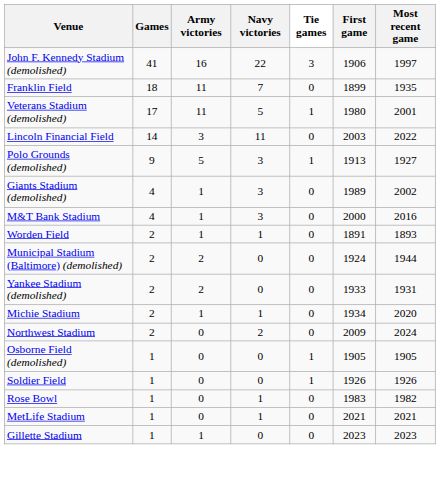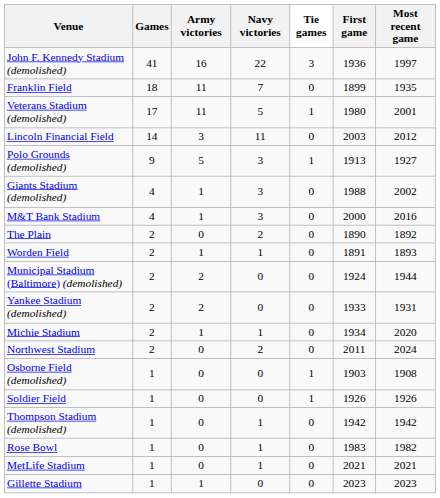 <table class="wikitable sortable">
 <tr>
 <th>Venue</th>
 <th>Games</th>
 <th>Army victories</th>
 <th>Navy victories</th>
 <th style="text-align:center; background:white; color:black;">Tie games</th>
 <th>First game</th>
 <th>Most recent game</th>
 </tr>
 <tr>
 <td><a href='#'>John F. Kennedy Stadium</a> <em>(demolished)</em></td>
 <td style="text-align:center;">41</td>
 <td style="text-align:center;">16</td>
 <td style="text-align:center;">22</td>
 <td style="text-align:center;">3</td>
-<td style="text-align:center;">1906</td>
+<td style="text-align:center;">1936</td>
 <td style="text-align:center;">1997</td>
 </tr>
 <tr>
 <td><a href='#'>Franklin Field</a></td>
 <td style="text-align:center;">18</td>
 <td style="text-align:center;">11</td>
 <td style="text-align:center;">7</td>
 <td style="text-align:center;">0</td>
 <td style="text-align:center;">1899</td>
 <td style="text-align:center;">1935</td>
 </tr>
 <tr>
 <td><a href='#'>Veterans Stadium</a> <em>(demolished)</em></td>
 <td style="text-align:center;">17</td>
 <td style="text-align:center;">11</td>
 <td style="text-align:center;">5</td>
 <td style="text-align:center;">1</td>
 <td style="text-align:center;">1980</td>
 <td style="text-align:center;">2001</td>
 </tr>
 <tr>
 <td><a href='#'>Lincoln Financial Field</a></td>
 <td style="text-align:center;">14</td>
 <td style="text-align:center;">3</td>
 <td style="text-align:center;">11</td>
 <td style="text-align:center;">0</td>
 <td style="text-align:center;">2003</td>
-<td style="text-align:center;">2022</td>
+<td style="text-align:center;">2012</td>
 </tr>
 <tr>
 <td><a href='#'>Polo Grounds</a> <em>(demolished)</em></td>
 <td style="text-align:center;">9</td>
 <td style="text-align:center;">5</td>
 <td style="text-align:center;">3</td>
 <td style="text-align:center;">1</td>
 <td style="text-align:center;">1913</td>
 <td style="text-align:center;">1927</td>
 </tr>
 <tr>
 <td><a href='#'>Giants Stadium</a> <em>(demolished)</em></td>
 <td style="text-align:center;">4</td>
 <td style="text-align:center;">1</td>
 <td style="text-align:center;">3</td>
 <td style="text-align:center;">0</td>
-<td style="text-align:center;">1989</td>
+<td style="text-align:center;">1988</td>
 <td style="text-align:center;">2002</td>
 </tr>
 <tr>
 <td><a href='#'>M&T Bank Stadium</a></td>
 <td style="text-align:center;">4</td>
 <td style="text-align:center;">1</td>
 <td style="text-align:center;">3</td>
 <td style="text-align:center;">0</td>
 <td style="text-align:center;">2000</td>
 <td style="text-align:center;">2016</td>
+</tr>
+<tr>
+<td><a href='#'>The Plain</a></td>
+<td style="text-align:center;">2</td>
+<td style="text-align:center;">0</td>
+<td style="text-align:center;">2</td>
+<td style="text-align:center;">0</td>
+<td style="text-align:center;">1890</td>
+<td style="text-align:center;">1892</td>
 </tr>
 <tr>
 <td><a href='#'>Worden Field</a></td>
 <td style="text-align:center;">2</td>
 <td style="text-align:center;">1</td>
 <td style="text-align:center;">1</td>
 <td style="text-align:center;">0</td>
 <td style="text-align:center;">1891</td>
 <td style="text-align:center;">1893</td>
 </tr>
 <tr>
 <td><a href='#'>Municipal Stadium (Baltimore)</a> <em>(demolished)</em></td>
 <td style="text-align:center;">2</td>
 <td style="text-align:center;">2</td>
 <td style="text-align:center;">0</td>
 <td style="text-align:center;">0</td>
 <td style="text-align:center;">1924</td>
 <td style="text-align:center;">1944</td>
 </tr>
 <tr>
 <td><a href='#'>Yankee Stadium</a> <em>(demolished)</em></td>
 <td style="text-align:center;">2</td>
 <td style="text-align:center;">2</td>
 <td style="text-align:center;">0</td>
 <td style="text-align:center;">0</td>
 <td style="text-align:center;">1933</td>
 <td style="text-align:center;">1931</td>
 </tr>
 <tr>
 <td><a href='#'>Michie Stadium</a></td>
 <td style="text-align:center;">2</td>
 <td style="text-align:center;">1</td>
 <td style="text-align:center;">1</td>
 <td style="text-align:center;">0</td>
 <td style="text-align:center;">1934</td>
 <td style="text-align:center;">2020</td>
 </tr>
 <tr>
 <td><a href='#'>Northwest Stadium</a></td>
 <td style="text-align:center;">2</td>
 <td style="text-align:center;">0</td>
 <td style="text-align:center;">2</td>
 <td style="text-align:center;">0</td>
-<td style="text-align:center;">2009</td>
+<td style="text-align:center;">2011</td>
 <td style="text-align:center;">2024</td>
 </tr>
 <tr>
 <td><a href='#'>Osborne Field</a> <em>(demolished)</em></td>
 <td style="text-align:center;">1</td>
 <td style="text-align:center;">0</td>
 <td style="text-align:center;">0</td>
 <td style="text-align:center;">1</td>
-<td style="text-align:center;">1905</td>
-<td style="text-align:center;">1905</td>
+<td style="text-align:center;">1903</td>
+<td style="text-align:center;">1908</td>
 </tr>
 <tr>
 <td><a href='#'>Soldier Field</a></td>
 <td style="text-align:center;">1</td>
 <td style="text-align:center;">0</td>
 <td style="text-align:center;">0</td>
 <td style="text-align:center;">1</td>
 <td style="text-align:center;">1926</td>
 <td style="text-align:center;">1926</td>
+</tr>
+<tr>
+<td><a href='#'>Thompson Stadium</a> <em>(demolished)</em></td>
+<td style="text-align:center;">1</td>
+<td style="text-align:center;">0</td>
+<td style="text-align:center;">1</td>
+<td style="text-align:center;">0</td>
+<td style="text-align:center;">1942</td>
+<td style="text-align:center;">1942</td>
 </tr>
 <tr>
 <td><a href='#'>Rose Bowl</a></td>
 <td style="text-align:center;">1</td>
 <td style="text-align:center;">0</td>
 <td style="text-align:center;">1</td>
 <td style="text-align:center;">0</td>
 <td style="text-align:center;">1983</td>
 <td style="text-align:center;">1982</td>
 </tr>
 <tr>
 <td><a href='#'>MetLife Stadium</a></td>
 <td style="text-align:center;">1</td>
 <td style="text-align:center;">0</td>
 <td style="text-align:center;">1</td>
 <td style="text-align:center;">0</td>
 <td style="text-align:center;">2021</td>
 <td style="text-align:center;">2021</td>
 </tr>
 <tr>
 <td><a href='#'>Gillette Stadium</a></td>
 <td style="text-align:center;">1</td>
 <td style="text-align:center;">1</td>
 <td style="text-align:center;">0</td>
 <td style="text-align:center;">0</td>
 <td style="text-align:center;">2023</td>
 <td style="text-align:center;">2023</td>
 </tr>
 </table>
